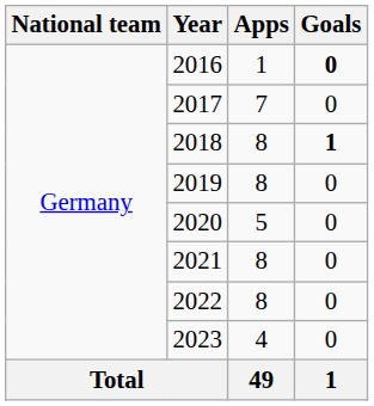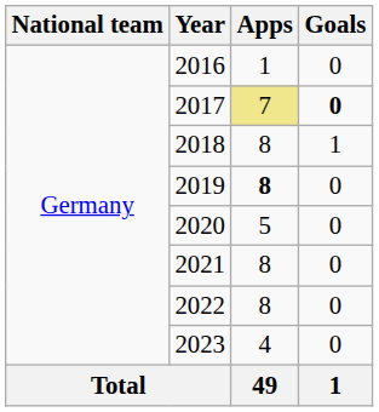 <table class="wikitable" style="text-align:center">
 <tr>
 <th>National team</th>
 <th>Year</th>
 <th>Apps</th>
 <th>Goals</th>
 </tr>
 <tr>
 <td rowspan=8><a href='#'>Germany</a></td>
 <td>2016</td>
 <td>1</td>
-<td><strong>0</strong></td>
+<td>0</td>
 </tr>
 <tr>
 <td>2017</td>
-<td>7</td>
-<td>0</td>
+<td style="background: khaki;">7</td>
+<td><strong>0</strong></td>
 </tr>
 <tr>
 <td>2018</td>
 <td>8</td>
-<td><strong>1</strong></td>
+<td>1</td>
 </tr>
 <tr>
 <td>2019</td>
-<td>8</td>
+<td><strong>8</strong></td>
 <td>0</td>
 </tr>
 <tr>
 <td>2020</td>
 <td>5</td>
 <td>0</td>
 </tr>
 <tr>
 <td>2021</td>
 <td>8</td>
 <td>0</td>
 </tr>
 <tr>
 <td>2022</td>
 <td>8</td>
 <td>0</td>
 </tr>
 <tr>
 <td>2023</td>
 <td>4</td>
 <td>0</td>
 </tr>
 <tr>
 <th colspan=2>Total</th>
 <th>49</th>
 <th>1</th>
 </tr>
 </table>
